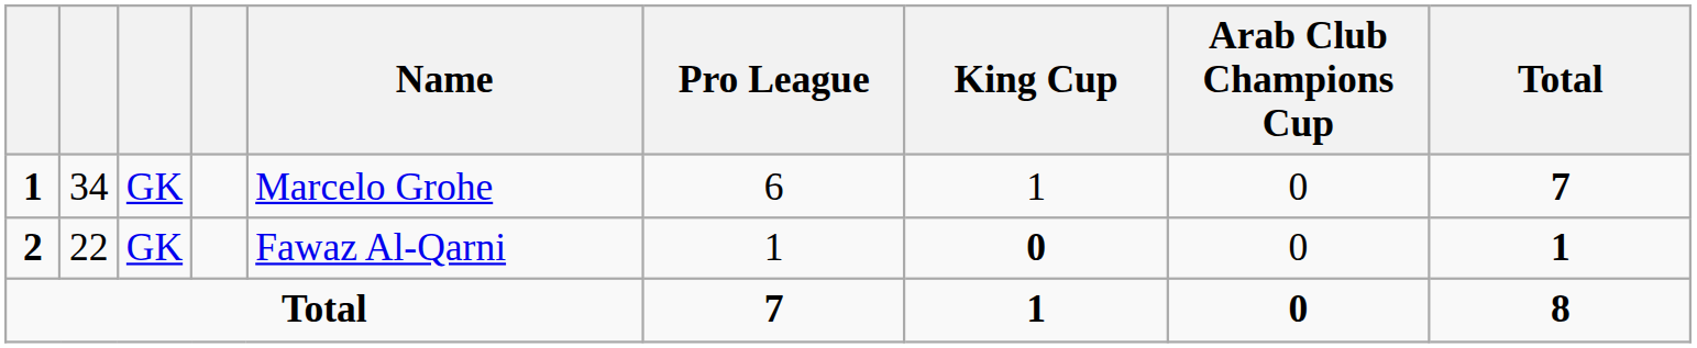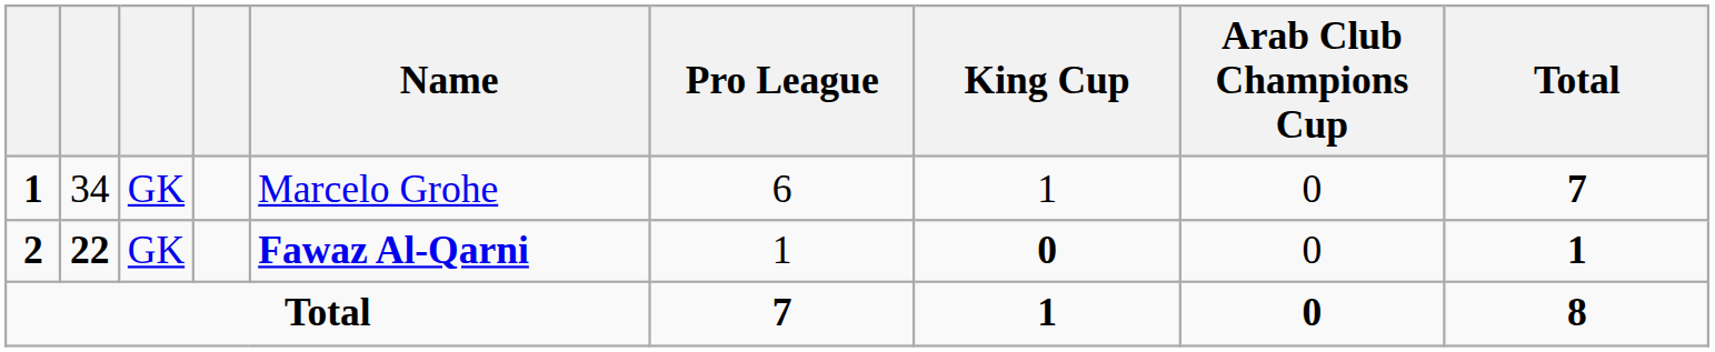 <table class="wikitable" style="text-align:center">
 <tr>
 <th width=15></th>
 <th width=15></th>
 <th width=15></th>
 <th width=15></th>
 <th width=155>Name</th>
 <th width=100>Pro League</th>
 <th width=100>King Cup</th>
 <th width=100>Arab Club Champions Cup</th>
 <th width=100>Total</th>
 </tr>
 <tr>
 <td><strong>1</strong></td>
 <td>34</td>
 <td><a href='#'>GK</a></td>
 <td></td>
 <td align=left><a href='#'>Marcelo Grohe</a></td>
 <td>6</td>
 <td>1</td>
 <td>0</td>
 <td><strong>7</strong></td>
 </tr>
 <tr>
 <td><strong>2</strong></td>
-<td>22</td>
+<td><strong>22</strong></td>
 <td><a href='#'>GK</a></td>
 <td></td>
-<td align=left><a href='#'>Fawaz Al-Qarni</a></td>
+<td align=left><strong><a href='#'>Fawaz Al-Qarni</a></strong></td>
 <td>1</td>
 <td><strong>0</strong></td>
 <td>0</td>
 <td><strong>1</strong></td>
 </tr>
 <tr>
 <td colspan=5><strong>Total</strong></td>
 <td><strong>7</strong></td>
 <td><strong>1</strong></td>
 <td><strong>0</strong></td>
 <td><strong>8</strong></td>
 </tr>
 </table>
